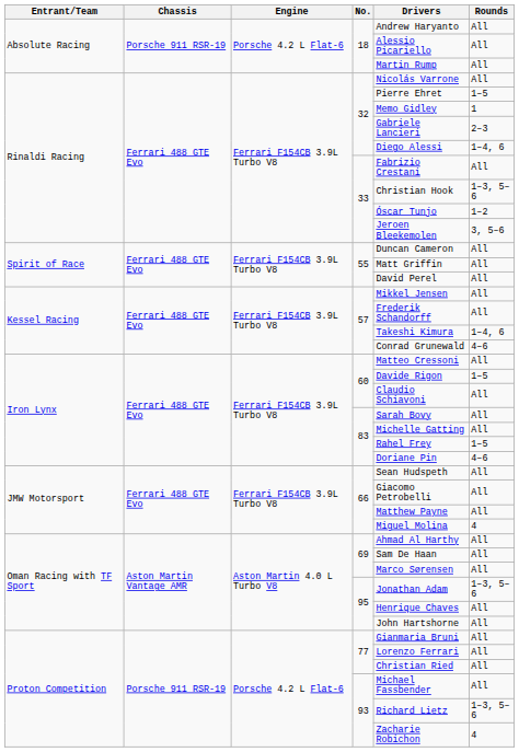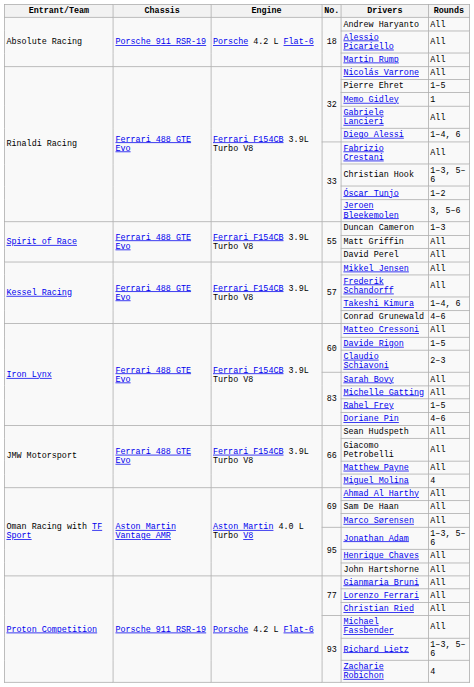 <table class="wikitable" style="font-size: 85%;">
 <tr>
 <th>Entrant/Team</th>
 <th>Chassis</th>
 <th>Engine</th>
 <th>No.</th>
 <th>Drivers</th>
 <th>Rounds</th>
 </tr>
 <tr>
 <td rowspan="3"> Absolute Racing</td>
 <td rowspan="3"><a href='#'>Porsche 911 RSR-19</a></td>
 <td rowspan="3"><a href='#'>Porsche</a> 4.2 L <a href='#'>Flat-6</a></td>
 <td rowspan="3" align="center">18</td>
 <td> Andrew Haryanto</td>
 <td>All</td>
 </tr>
 <tr>
 <td> <a href='#'>Alessio Picariello</a></td>
 <td>All</td>
 </tr>
 <tr>
 <td> <a href='#'>Martin Rump</a></td>
 <td>All</td>
 </tr>
 <tr>
 <td rowspan="9"> Rinaldi Racing</td>
 <td rowspan="9"><a href='#'>Ferrari 488 GTE Evo</a></td>
 <td rowspan="9"><a href='#'>Ferrari F154CB</a> 3.9L Turbo V8</td>
 <td rowspan="5" align="center">32</td>
 <td> <a href='#'>Nicolás Varrone</a></td>
 <td>All</td>
 </tr>
 <tr>
 <td> Pierre Ehret</td>
 <td>1–5</td>
 </tr>
 <tr>
 <td> <a href='#'>Memo Gidley</a></td>
 <td>1</td>
 </tr>
 <tr>
 <td> <a href='#'>Gabriele Lancieri</a></td>
-<td>2–3</td>
+<td>All</td>
 </tr>
 <tr>
 <td> <a href='#'>Diego Alessi</a></td>
 <td>1–4, 6</td>
 </tr>
 <tr>
 <td rowspan="4" align="center">33</td>
 <td> <a href='#'>Fabrizio Crestani</a></td>
 <td>All</td>
 </tr>
 <tr>
 <td> Christian Hook</td>
 <td>1–3, 5–6</td>
 </tr>
 <tr>
 <td> <a href='#'>Óscar Tunjo</a></td>
 <td>1–2</td>
 </tr>
 <tr>
 <td> <a href='#'>Jeroen Bleekemolen</a></td>
 <td>3, 5–6</td>
 </tr>
 <tr>
 <td rowspan="3"> <a href='#'>Spirit of Race</a></td>
 <td rowspan="3"><a href='#'>Ferrari 488 GTE Evo</a></td>
 <td rowspan="3"><a href='#'>Ferrari F154CB</a> 3.9L Turbo V8</td>
 <td rowspan="3" align="center">55</td>
 <td> Duncan Cameron</td>
-<td>All</td>
+<td>1–3</td>
 </tr>
 <tr>
 <td> Matt Griffin</td>
 <td>All</td>
 </tr>
 <tr>
 <td> David Perel</td>
 <td>All</td>
 </tr>
 <tr>
 <td rowspan="4"> <a href='#'>Kessel Racing</a></td>
 <td rowspan="4"><a href='#'>Ferrari 488 GTE Evo</a></td>
 <td rowspan="4"><a href='#'>Ferrari F154CB</a> 3.9L Turbo V8</td>
 <td rowspan="4" align="center">57</td>
 <td> <a href='#'>Mikkel Jensen</a></td>
 <td>All</td>
 </tr>
 <tr>
 <td> <a href='#'>Frederik Schandorff</a></td>
 <td>All</td>
 </tr>
 <tr>
 <td> <a href='#'>Takeshi Kimura</a></td>
 <td>1–4, 6</td>
 </tr>
 <tr>
 <td> Conrad Grunewald</td>
 <td>4–6</td>
 </tr>
 <tr>
 <td rowspan="7"> <a href='#'>Iron Lynx</a></td>
 <td rowspan="7"><a href='#'>Ferrari 488 GTE Evo</a></td>
 <td rowspan="7"><a href='#'>Ferrari F154CB</a> 3.9L Turbo V8</td>
 <td rowspan="3" align="center">60</td>
 <td> <a href='#'>Matteo Cressoni</a></td>
 <td>All</td>
 </tr>
 <tr>
 <td> <a href='#'>Davide Rigon</a></td>
 <td>1–5</td>
 </tr>
 <tr>
 <td> <a href='#'>Claudio Schiavoni</a></td>
-<td>All</td>
+<td>2–3</td>
 </tr>
 <tr>
 <td rowspan="4" align="center">83</td>
 <td> <a href='#'>Sarah Bovy</a></td>
 <td>All</td>
 </tr>
 <tr>
 <td> <a href='#'>Michelle Gatting</a></td>
 <td>All</td>
 </tr>
 <tr>
 <td> <a href='#'>Rahel Frey</a></td>
 <td>1–5</td>
 </tr>
 <tr>
 <td> <a href='#'>Doriane Pin</a></td>
 <td>4–6</td>
 </tr>
 <tr>
 <td rowspan="4"> JMW Motorsport</td>
 <td rowspan="4"><a href='#'>Ferrari 488 GTE Evo</a></td>
 <td rowspan="4"><a href='#'>Ferrari F154CB</a> 3.9L Turbo V8</td>
 <td rowspan="4" align="center">66</td>
 <td> Sean Hudspeth</td>
 <td>All</td>
 </tr>
 <tr>
 <td> Giacomo Petrobelli</td>
 <td>All</td>
 </tr>
 <tr>
 <td> <a href='#'>Matthew Payne</a></td>
 <td>All</td>
 </tr>
 <tr>
 <td> <a href='#'>Miguel Molina</a></td>
 <td>4</td>
 </tr>
 <tr>
 <td rowspan="6"> Oman Racing with <a href='#'>TF Sport</a></td>
 <td rowspan="6"><a href='#'>Aston Martin Vantage AMR</a></td>
 <td rowspan="6"><a href='#'>Aston Martin</a> 4.0 L Turbo <a href='#'>V8</a></td>
 <td rowspan="3" align="center">69</td>
 <td> <a href='#'>Ahmad Al Harthy</a></td>
 <td>All</td>
 </tr>
 <tr>
 <td> Sam De Haan</td>
 <td>All</td>
 </tr>
 <tr>
 <td> <a href='#'>Marco Sørensen</a></td>
 <td>All</td>
 </tr>
 <tr>
 <td rowspan="3" align="center">95</td>
 <td> <a href='#'>Jonathan Adam</a></td>
 <td>1–3, 5–6</td>
 </tr>
 <tr>
 <td> <a href='#'>Henrique Chaves</a></td>
 <td>All</td>
 </tr>
 <tr>
 <td> John Hartshorne</td>
 <td>All</td>
 </tr>
 <tr>
 <td rowspan="6"> <a href='#'>Proton Competition</a></td>
 <td rowspan="6"><a href='#'>Porsche 911 RSR-19</a></td>
 <td rowspan="6"><a href='#'>Porsche</a> 4.2 L <a href='#'>Flat-6</a></td>
 <td rowspan="3" align="center">77</td>
 <td> <a href='#'>Gianmaria Bruni</a></td>
 <td>All</td>
 </tr>
 <tr>
 <td> <a href='#'>Lorenzo Ferrari</a></td>
 <td>All</td>
 </tr>
 <tr>
 <td> <a href='#'>Christian Ried</a></td>
 <td>All</td>
 </tr>
 <tr>
 <td rowspan="3" align="center">93</td>
 <td> <a href='#'>Michael Fassbender</a></td>
 <td>All</td>
 </tr>
 <tr>
 <td> <a href='#'>Richard Lietz</a></td>
 <td>1–3, 5–6</td>
 </tr>
 <tr>
 <td> <a href='#'>Zacharie Robichon</a></td>
 <td>4</td>
 </tr>
 </table>
